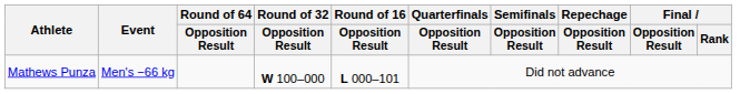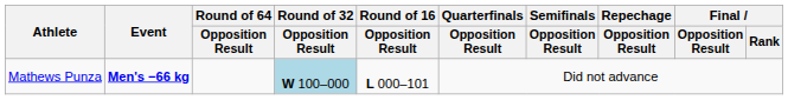 <table class="wikitable" style="font-size:90%">
 <tr>
 <th rowspan="2">Athlete</th>
 <th rowspan="2">Event</th>
 <th>Round of 64</th>
 <th>Round of 32</th>
 <th>Round of 16</th>
 <th>Quarterfinals</th>
 <th>Semifinals</th>
 <th>Repechage</th>
 <th colspan=2>Final / </th>
 </tr>
 <tr style="font-size:95%">
 <th>Opposition<br>Result</th>
 <th>Opposition<br>Result</th>
 <th>Opposition<br>Result</th>
 <th>Opposition<br>Result</th>
 <th>Opposition<br>Result</th>
 <th>Opposition<br>Result</th>
 <th>Opposition<br>Result</th>
 <th>Rank</th>
 </tr>
 <tr align=center>
 <td align=left><a href='#'>Mathews Punza</a></td>
-<td align=left><a href='#'>Men's −66 kg</a></td>
+<td align=left><strong><a href='#'>Men's −66 kg</a></strong></td>
 <td></td>
-<td><br> <strong>W</strong> 100–000</td>
+<td style="background: lightblue;"><br> <strong>W</strong> 100–000</td>
 <td><br> <strong>L</strong> 000–101</td>
 <td colspan=5>Did not advance</td>
 </tr>
 </table>
